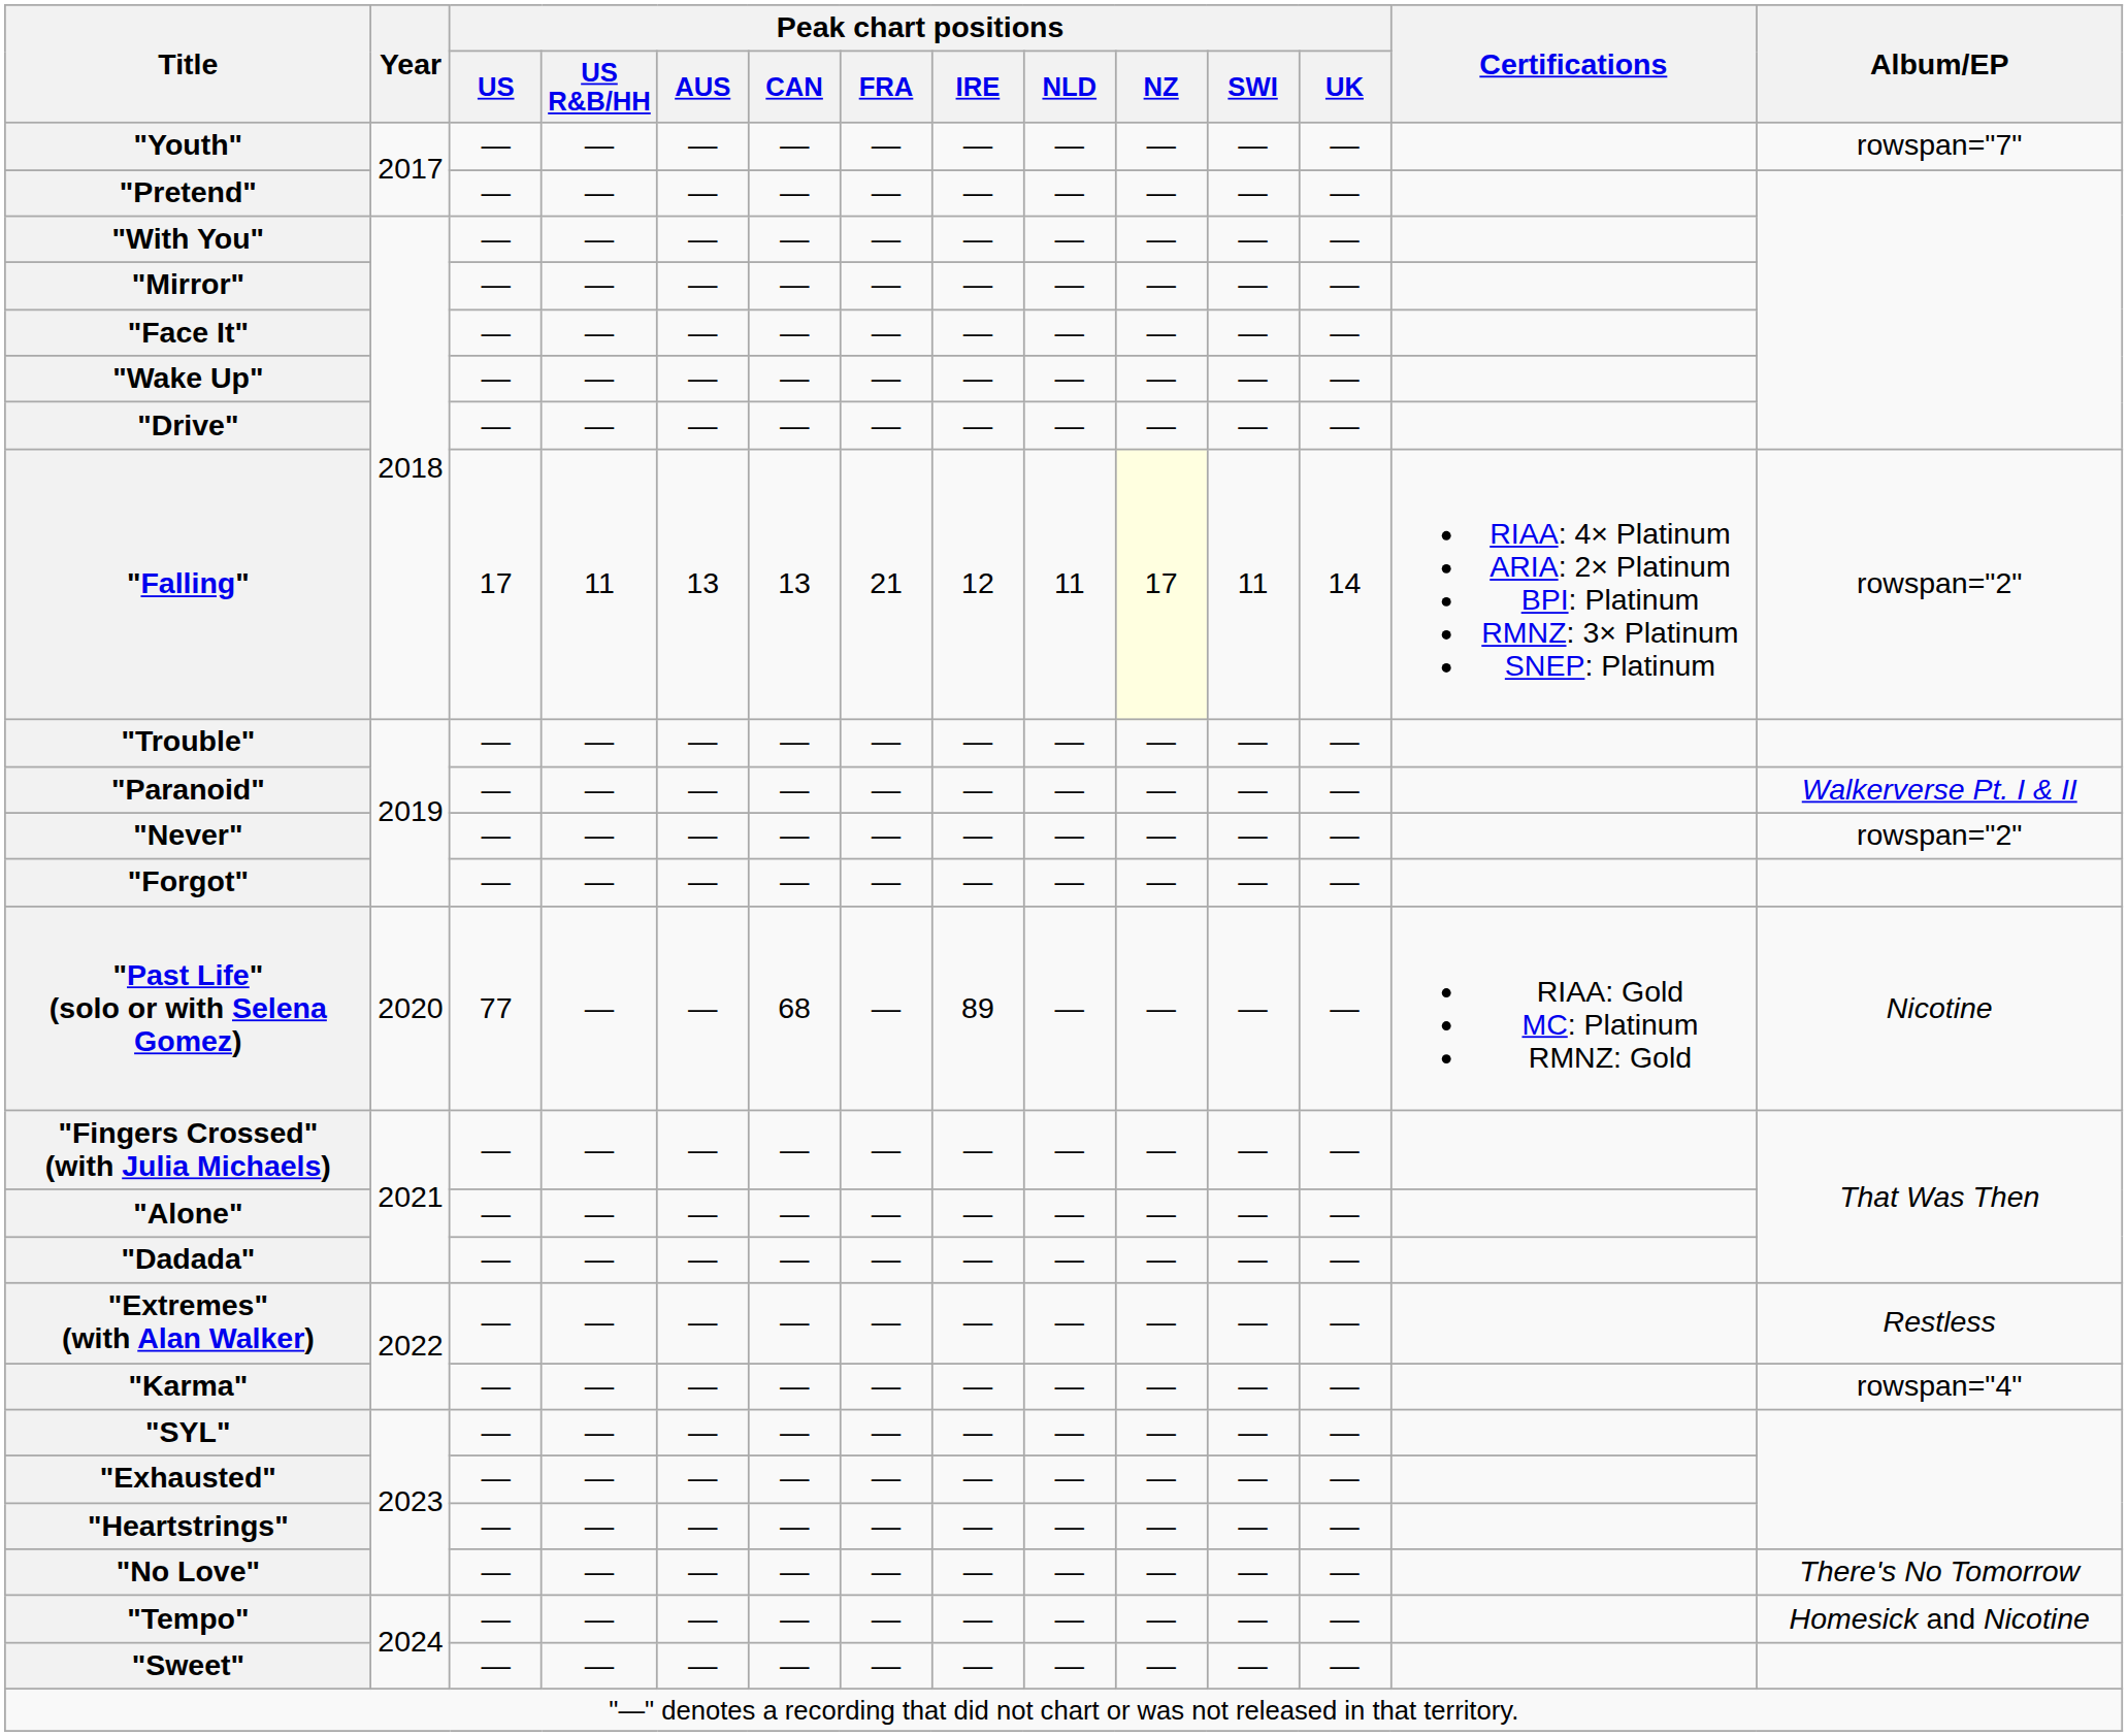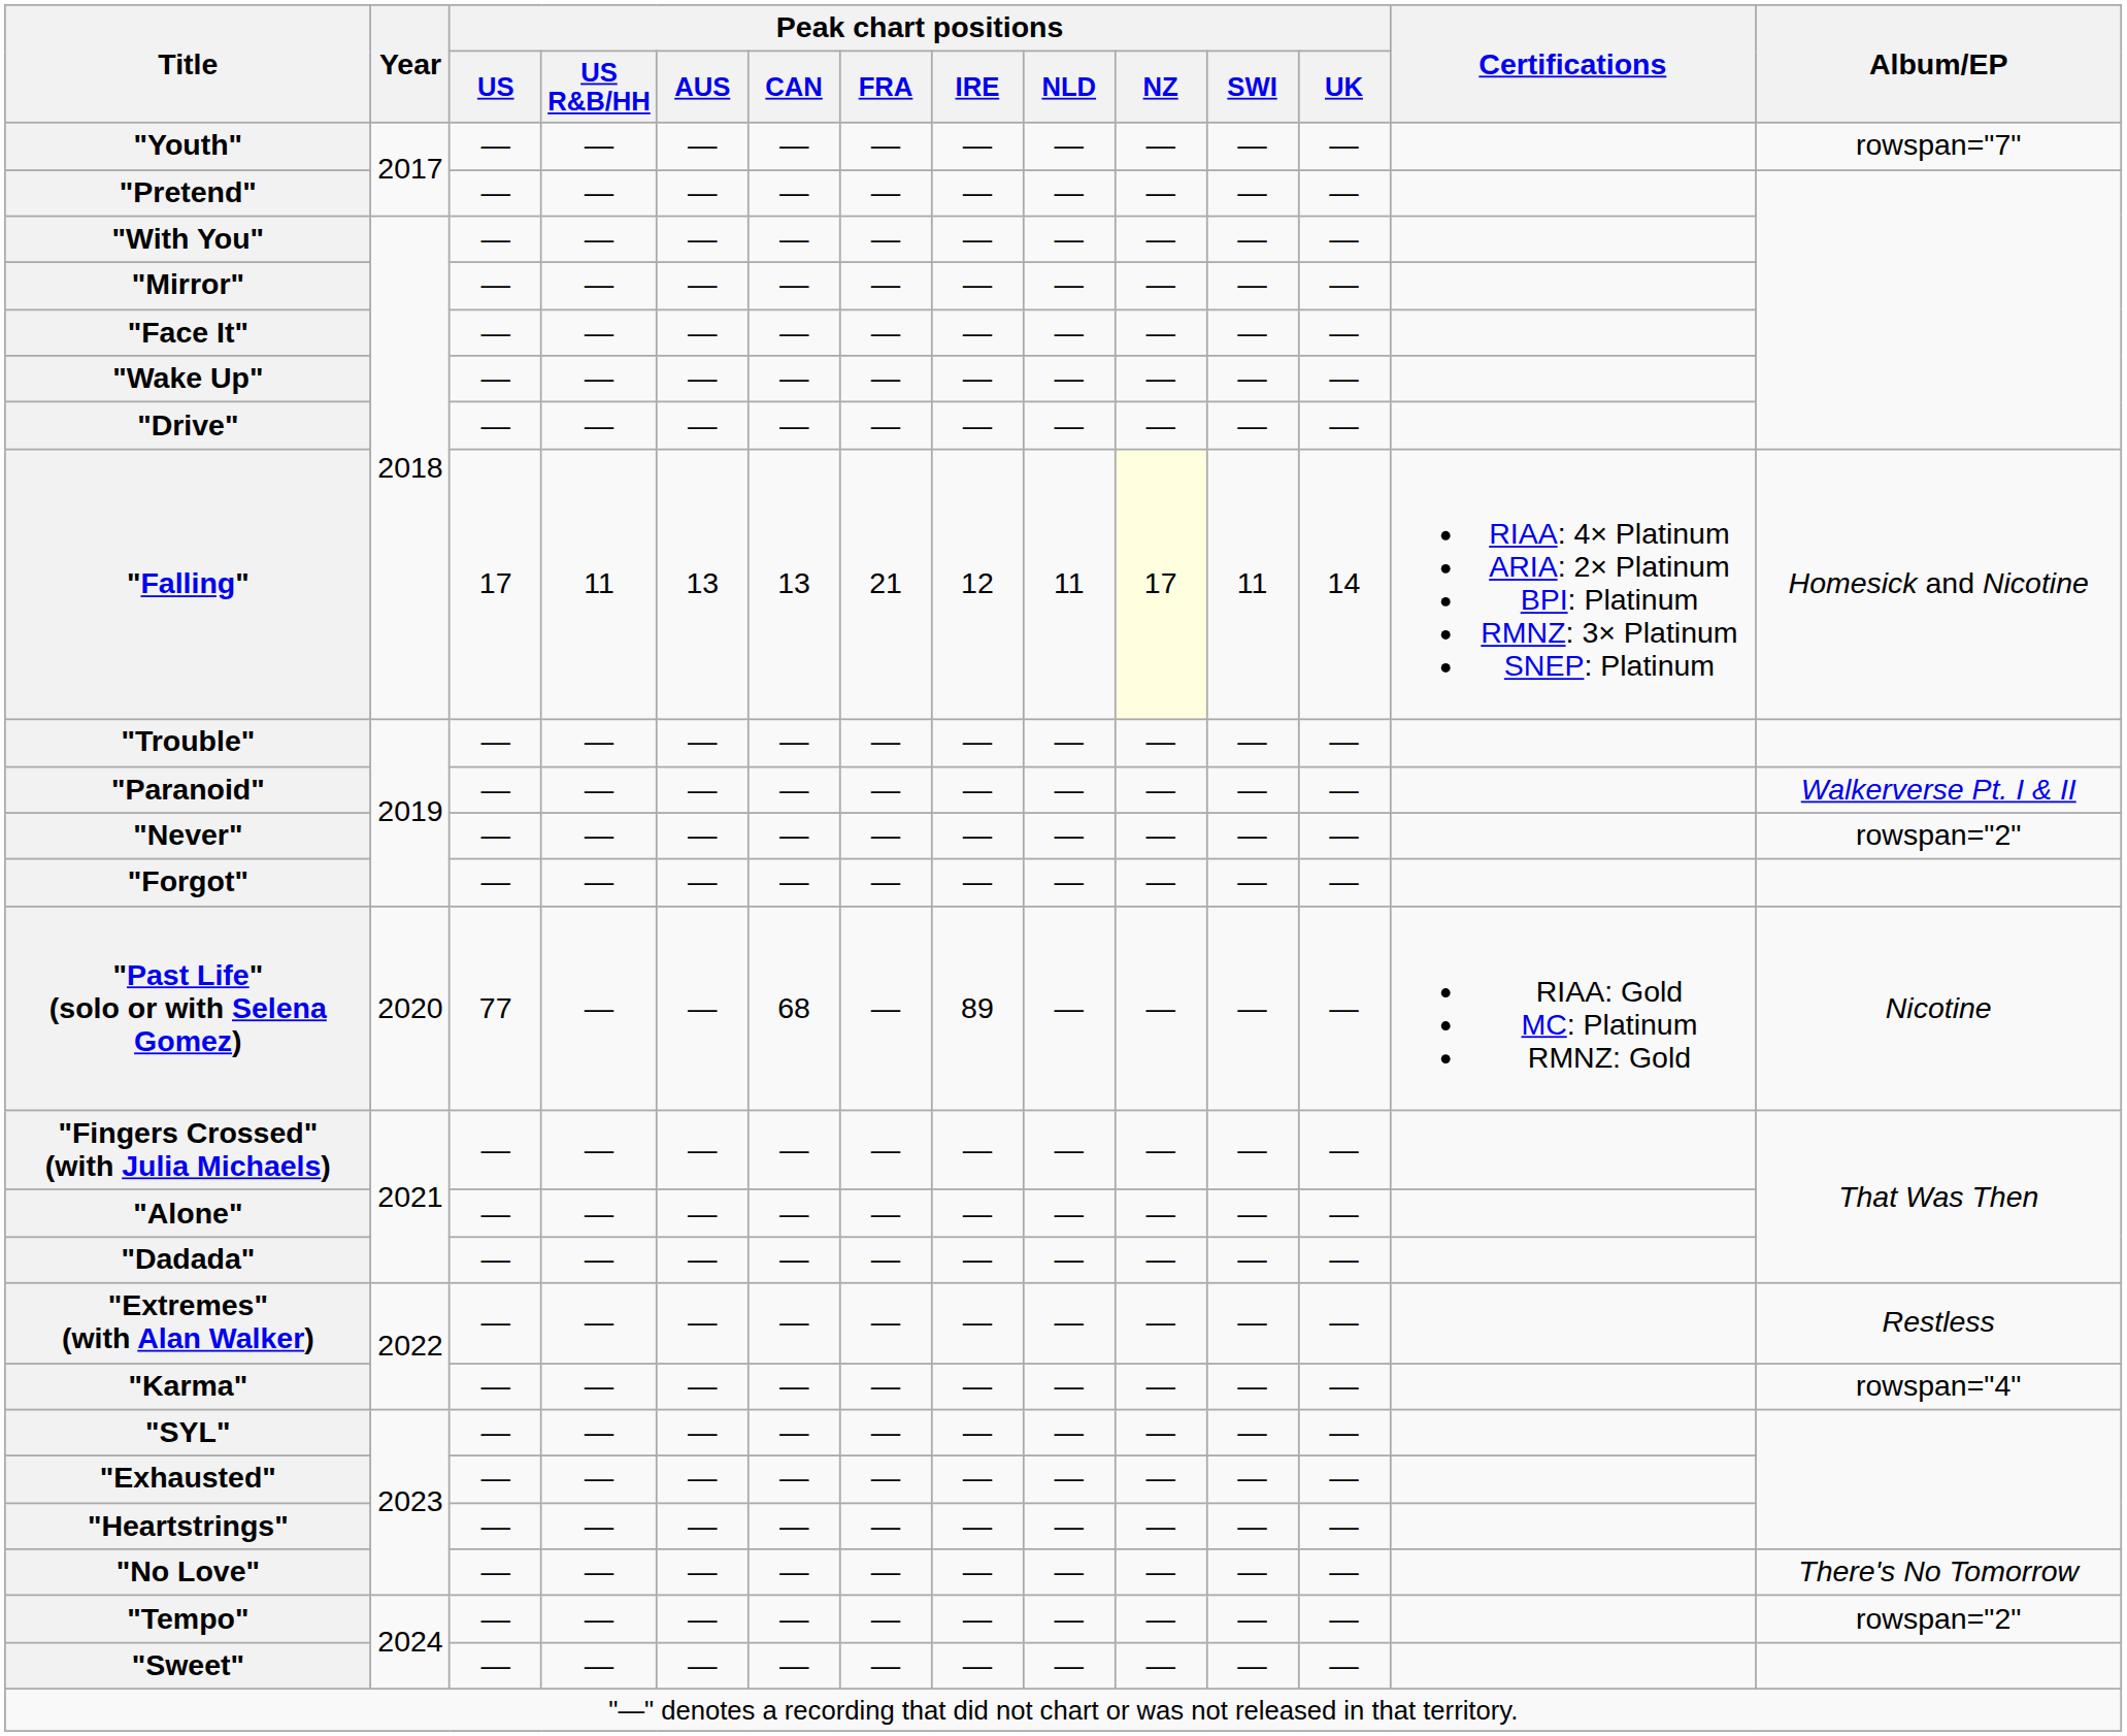 <table class="wikitable plainrowheaders" style="text-align:center;">
 <tr>
 <th scope="col" rowspan="2" style="width:12em;">Title</th>
 <th scope="col" rowspan="2" style="width:1em;">Year</th>
 <th scope="col" colspan="10">Peak chart positions</th>
 <th scope="col" rowspan="2" style="width:12em;"><a href='#'>Certifications</a></th>
 <th scope="col" rowspan="2" style="width:12em;">Album/EP</th>
 </tr>
 <tr>
 <th scope="col" style="width:3em;font-size:90%;"><a href='#'>US</a><br></th>
 <th scope="col" style="width:3em; font-size:90%"><a href='#'>US<br>R&B/HH</a><br></th>
 <th scope="col" style="width:3em;font-size:90%;"><a href='#'>AUS</a><br></th>
 <th scope="col" style="width:3em;font-size:90%;"><a href='#'>CAN</a><br></th>
 <th scope="col" style="width:3em;font-size:90%;"><a href='#'>FRA</a><br></th>
 <th scope="col" style="width:3em;font-size:90%;"><a href='#'>IRE</a><br></th>
 <th scope="col" style="width:3em;font-size:90%;"><a href='#'>NLD</a><br></th>
 <th scope="col" style="width:3em;font-size:90%;"><a href='#'>NZ</a><br></th>
 <th scope="col" style="width:3em; font-size:90%"><a href='#'>SWI</a><br></th>
 <th scope="col" style="width:3em;font-size:90%;"><a href='#'>UK</a><br></th>
 </tr>
 <tr>
 <th scope="row">"Youth"</th>
 <td rowspan="2">2017</td>
 <td>—</td>
 <td>—</td>
 <td>—</td>
 <td>—</td>
 <td>—</td>
 <td>—</td>
 <td>—</td>
 <td>—</td>
 <td>—</td>
 <td>—</td>
 <td></td>
 <td>rowspan="7" </td>
 </tr>
 <tr>
 <th scope="row">"Pretend"</th>
 <td>—</td>
 <td>—</td>
 <td>—</td>
 <td>—</td>
 <td>—</td>
 <td>—</td>
 <td>—</td>
 <td>—</td>
 <td>—</td>
 <td>—</td>
 <td></td>
 </tr>
 <tr>
 <th scope="row">"With You"</th>
 <td rowspan="6">2018</td>
 <td>—</td>
 <td>—</td>
 <td>—</td>
 <td>—</td>
 <td>—</td>
 <td>—</td>
 <td>—</td>
 <td>—</td>
 <td>—</td>
 <td>—</td>
 <td></td>
 </tr>
 <tr>
 <th scope="row">"Mirror"</th>
 <td>—</td>
 <td>—</td>
 <td>—</td>
 <td>—</td>
 <td>—</td>
 <td>—</td>
 <td>—</td>
 <td>—</td>
 <td>—</td>
 <td>—</td>
 <td></td>
 </tr>
 <tr>
 <th scope="row">"Face It"</th>
 <td>—</td>
 <td>—</td>
 <td>—</td>
 <td>—</td>
 <td>—</td>
 <td>—</td>
 <td>—</td>
 <td>—</td>
 <td>—</td>
 <td>—</td>
 <td></td>
 </tr>
 <tr>
 <th scope="row">"Wake Up"</th>
 <td>—</td>
 <td>—</td>
 <td>—</td>
 <td>—</td>
 <td>—</td>
 <td>—</td>
 <td>—</td>
 <td>—</td>
 <td>—</td>
 <td>—</td>
 <td></td>
 </tr>
 <tr>
 <th scope="row">"Drive"</th>
 <td>—</td>
 <td>—</td>
 <td>—</td>
 <td>—</td>
 <td>—</td>
 <td>—</td>
 <td>—</td>
 <td>—</td>
 <td>—</td>
 <td>—</td>
 <td></td>
 </tr>
 <tr>
 <th scope="row">"<a href='#'>Falling</a>"</th>
 <td>17</td>
 <td>11</td>
 <td>13</td>
 <td>13</td>
 <td>21</td>
 <td>12</td>
 <td>11</td>
 <td style="background: lightyellow;">17</td>
 <td>11</td>
 <td>14</td>
 <td><br><ul><li><a href='#'>RIAA</a>: 4× Platinum</li><li><a href='#'>ARIA</a>: 2× Platinum</li><li><a href='#'>BPI</a>: Platinum</li><li><a href='#'>RMNZ</a>: 3× Platinum</li><li><a href='#'>SNEP</a>: Platinum</li></ul></td>
-<td>rowspan="2" </td>
+<td><em>Homesick</em> and <em>Nicotine</em></td>
 </tr>
 <tr>
 <th scope="row">"Trouble"</th>
 <td rowspan="4">2019</td>
 <td>—</td>
 <td>—</td>
 <td>—</td>
 <td>—</td>
 <td>—</td>
 <td>—</td>
 <td>—</td>
 <td>—</td>
 <td>—</td>
 <td>—</td>
 <td></td>
 <td></td>
 </tr>
 <tr>
 <th scope="row">"Paranoid"</th>
 <td>—</td>
 <td>—</td>
 <td>—</td>
 <td>—</td>
 <td>—</td>
 <td>—</td>
 <td>—</td>
 <td>—</td>
 <td>—</td>
 <td>—</td>
 <td></td>
 <td><em><a href='#'>Walkerverse Pt. I & II</a></em></td>
 </tr>
 <tr>
 <th scope="row">"Never"</th>
 <td>—</td>
 <td>—</td>
 <td>—</td>
 <td>—</td>
 <td>—</td>
 <td>—</td>
 <td>—</td>
 <td>—</td>
 <td>—</td>
 <td>—</td>
 <td></td>
 <td>rowspan="2" </td>
 </tr>
 <tr>
 <th scope="row">"Forgot"</th>
 <td>—</td>
 <td>—</td>
 <td>—</td>
 <td>—</td>
 <td>—</td>
 <td>—</td>
 <td>—</td>
 <td>—</td>
 <td>—</td>
 <td>—</td>
 <td></td>
 </tr>
 <tr>
 <th scope="row">"<a href='#'>Past Life</a>"<br><span>(solo or with <a href='#'>Selena Gomez</a>)</span></th>
 <td>2020</td>
 <td>77</td>
 <td>—</td>
 <td>—</td>
 <td>68</td>
 <td>—</td>
 <td>89</td>
 <td>—</td>
 <td>—</td>
 <td>—</td>
 <td>—</td>
 <td><br><ul><li>RIAA: Gold</li><li><a href='#'>MC</a>: Platinum</li><li>RMNZ: Gold</li></ul></td>
 <td><em>Nicotine</em></td>
 </tr>
 <tr>
 <th scope="row">"Fingers Crossed"<br><span>(with <a href='#'>Julia Michaels</a>)</span></th>
 <td rowspan="3">2021</td>
 <td>—</td>
 <td>—</td>
 <td>—</td>
 <td>—</td>
 <td>—</td>
 <td>—</td>
 <td>—</td>
 <td>—</td>
 <td>—</td>
 <td>—</td>
 <td></td>
 <td rowspan="3"><em>That Was Then</em></td>
 </tr>
 <tr>
 <th scope="row">"Alone"</th>
 <td>—</td>
 <td>—</td>
 <td>—</td>
 <td>—</td>
 <td>—</td>
 <td>—</td>
 <td>—</td>
 <td>—</td>
 <td>—</td>
 <td>—</td>
 <td></td>
 </tr>
 <tr>
 <th scope="row">"Dadada"</th>
 <td>—</td>
 <td>—</td>
 <td>—</td>
 <td>—</td>
 <td>—</td>
 <td>—</td>
 <td>—</td>
 <td>—</td>
 <td>—</td>
 <td>—</td>
 <td></td>
 </tr>
 <tr>
 <th scope="row">"Extremes"<br><span>(with <a href='#'>Alan Walker</a>)</span></th>
 <td rowspan="2">2022</td>
 <td>—</td>
 <td>—</td>
 <td>—</td>
 <td>—</td>
 <td>—</td>
 <td>—</td>
 <td>—</td>
 <td>—</td>
 <td>—</td>
 <td>—</td>
 <td></td>
 <td><em>Restless</em></td>
 </tr>
 <tr>
 <th scope="row">"Karma"<br></th>
 <td>—</td>
 <td>—</td>
 <td>—</td>
 <td>—</td>
 <td>—</td>
 <td>—</td>
 <td>—</td>
 <td>—</td>
 <td>—</td>
 <td>—</td>
 <td></td>
 <td>rowspan="4" </td>
 </tr>
 <tr>
 <th scope="row">"SYL"<br></th>
 <td rowspan="4">2023</td>
 <td>—</td>
 <td>—</td>
 <td>—</td>
 <td>—</td>
 <td>—</td>
 <td>—</td>
 <td>—</td>
 <td>—</td>
 <td>—</td>
 <td>—</td>
 <td></td>
 </tr>
 <tr>
 <th scope="row">"Exhausted"<br></th>
 <td>—</td>
 <td>—</td>
 <td>—</td>
 <td>—</td>
 <td>—</td>
 <td>—</td>
 <td>—</td>
 <td>—</td>
 <td>—</td>
 <td>—</td>
 <td></td>
 </tr>
 <tr>
 <th scope="row">"Heartstrings"<br></th>
 <td>—</td>
 <td>—</td>
 <td>—</td>
 <td>—</td>
 <td>—</td>
 <td>—</td>
 <td>—</td>
 <td>—</td>
 <td>—</td>
 <td>—</td>
 <td></td>
 </tr>
 <tr>
 <th scope="row">"No Love"<br></th>
 <td>—</td>
 <td>—</td>
 <td>—</td>
 <td>—</td>
 <td>—</td>
 <td>—</td>
 <td>—</td>
 <td>—</td>
 <td>—</td>
 <td>—</td>
 <td></td>
 <td><em>There's No Tomorrow</em></td>
 </tr>
 <tr>
 <th scope="row">"Tempo"</th>
 <td rowspan="2">2024</td>
 <td>—</td>
 <td>—</td>
 <td>—</td>
 <td>—</td>
 <td>—</td>
 <td>—</td>
 <td>—</td>
 <td>—</td>
 <td>—</td>
 <td>—</td>
 <td></td>
-<td><em>Homesick</em> and <em>Nicotine</em></td>
+<td>rowspan="2" </td>
 </tr>
 <tr>
 <th scope="row">"Sweet"</th>
 <td>—</td>
 <td>—</td>
 <td>—</td>
 <td>—</td>
 <td>—</td>
 <td>—</td>
 <td>—</td>
 <td>—</td>
 <td>—</td>
 <td>—</td>
 <td></td>
 </tr>
 <tr>
 <td colspan="14" style="font-size:90%">"—" denotes a recording that did not chart or was not released in that territory.</td>
 </tr>
 </table>
